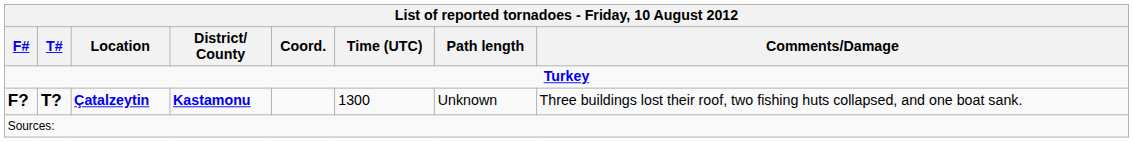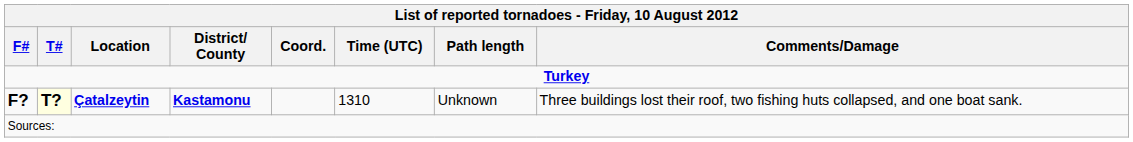 <table class="wikitable collapsible" width="100%">
 <tr>
 <th colspan="8">List of reported tornadoes - Friday, 10 August 2012</th>
 </tr>
 <tr>
 <th><a href='#'>F#</a></th>
 <th><a href='#'>T#</a></th>
 <th>Location</th>
 <th>District/<br>County</th>
 <th>Coord.</th>
 <th>Time (UTC)</th>
 <th>Path length</th>
 <th>Comments/Damage</th>
 </tr>
 <tr>
 <td colspan="8" align=center><strong><a href='#'>Turkey</a></strong></td>
 </tr>
 <tr>
 <td><big><strong>F?</strong></big></td>
-<td><big><strong>T?</strong></big></td>
+<td style="background: lightyellow;"><big><strong>T?</strong></big></td>
 <td><strong><a href='#'>Çatalzeytin</a></strong></td>
 <td><strong><a href='#'>Kastamonu</a></strong></td>
 <td></td>
-<td>1300</td>
+<td>1310</td>
 <td>Unknown</td>
 <td>Three buildings lost their roof, two fishing huts collapsed, and one boat sank.</td>
 </tr>
 <tr>
 <td colspan="8"><small>Sources:  </small></td>
 </tr>
 </table>
